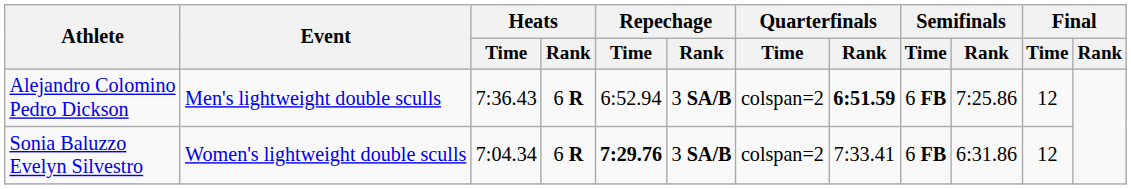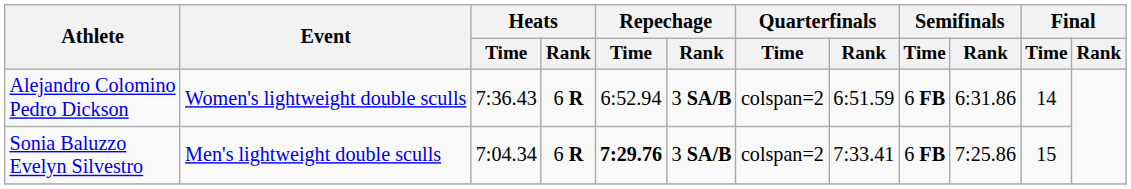 <table class=wikitable style=font-size:90%;text-align:center>
 <tr>
 <th rowspan=2>Athlete</th>
 <th rowspan=2>Event</th>
 <th colspan=2>Heats</th>
 <th colspan=2>Repechage</th>
 <th colspan=2>Quarterfinals</th>
 <th colspan=2>Semifinals</th>
 <th colspan=2>Final</th>
 </tr>
 <tr style=font-size:95%>
 <th>Time</th>
 <th>Rank</th>
 <th>Time</th>
 <th>Rank</th>
 <th>Time</th>
 <th>Rank</th>
 <th>Time</th>
 <th>Rank</th>
 <th>Time</th>
 <th>Rank</th>
 </tr>
 <tr>
 <td align=left><a href='#'>Alejandro Colomino</a><br><a href='#'>Pedro Dickson</a></td>
-<td align=left><a href='#'>Men's lightweight double sculls</a></td>
+<td align=left><a href='#'>Women's lightweight double sculls</a></td>
 <td>7:36.43</td>
 <td>6 <strong>R</strong></td>
 <td>6:52.94</td>
 <td>3 <strong>SA/B</strong></td>
 <td>colspan=2 </td>
-<td><strong>6:51.59</strong></td>
+<td>6:51.59</td>
 <td>6 <strong>FB</strong></td>
-<td>7:25.86</td>
-<td>12</td>
+<td>6:31.86</td>
+<td>14</td>
 </tr>
 <tr>
 <td align=left><a href='#'>Sonia Baluzzo</a><br><a href='#'>Evelyn Silvestro</a></td>
-<td align=left><a href='#'>Women's lightweight double sculls</a></td>
+<td align=left><a href='#'>Men's lightweight double sculls</a></td>
 <td>7:04.34</td>
 <td>6 <strong>R</strong></td>
 <td><strong>7:29.76</strong></td>
 <td>3 <strong>SA/B</strong></td>
 <td>colspan=2 </td>
 <td>7:33.41</td>
 <td>6 <strong>FB</strong></td>
-<td>6:31.86</td>
-<td>12</td>
+<td>7:25.86</td>
+<td>15</td>
 </tr>
 </table>
